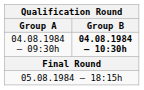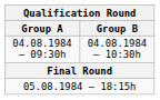 <table class="wikitable" style=" text-align:center; font-size:110%;" width="35%">
 <tr>
 <th colspan="2">Qualification Round</th>
 </tr>
 <tr>
 <th>Group A</th>
 <th>Group B</th>
 </tr>
 <tr>
 <td>04.08.1984 – 09:30h</td>
-<td><strong>04.08.1984 – 10:30h</strong></td>
+<td>04.08.1984 – 10:30h</td>
 </tr>
 <tr>
 <th colspan="2">Final Round</th>
 </tr>
 <tr>
 <td colspan="2">05.08.1984 – 18:15h</td>
 </tr>
 </table>
